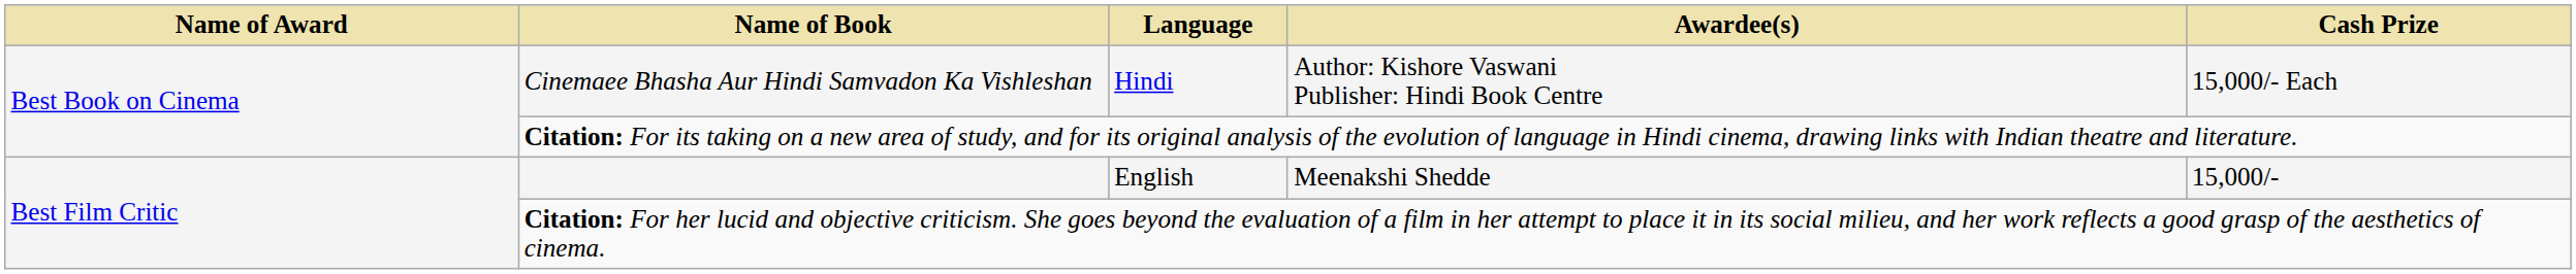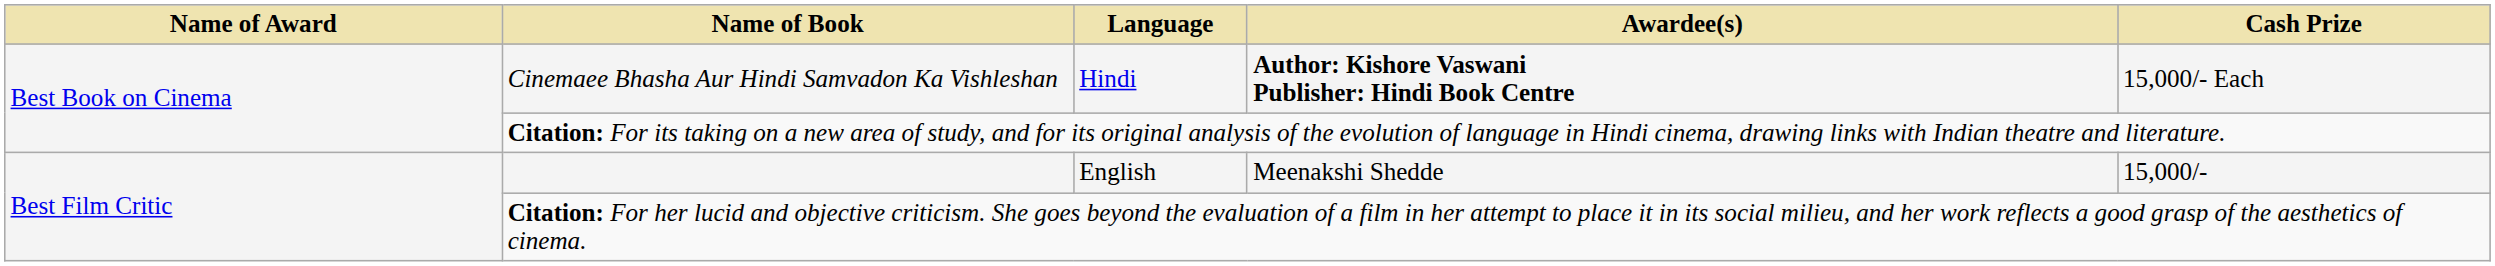 <table class="wikitable" style="width:100%;">
 <tr style="background-color:#F4F4F4">
 <th style="background-color:#EFE4B0;width:20%;">Name of Award</th>
 <th style="background-color:#EFE4B0;width:23%;">Name of Book</th>
 <th style="background-color:#EFE4B0;width:7%;">Language</th>
 <th style="background-color:#EFE4B0;width:35%;">Awardee(s)</th>
 <th style="background-color:#EFE4B0;width:15%;">Cash Prize</th>
 </tr>
 <tr style="background-color:#F4F4F4">
 <td rowspan="2"><a href='#'>Best Book on Cinema</a></td>
 <td><em>Cinemaee Bhasha Aur Hindi Samvadon Ka Vishleshan</em></td>
 <td><a href='#'>Hindi</a></td>
-<td>Author: Kishore Vaswani<br>Publisher: Hindi Book Centre</td>
+<td><strong>Author: Kishore Vaswani<br>Publisher: Hindi Book Centre</strong></td>
 <td> 15,000/- Each</td>
 </tr>
 <tr style="background-color:#F9F9F9">
 <td colspan="4"><strong>Citation:</strong> <em>For its taking on a new area of study, and for its original analysis of the evolution of language in Hindi cinema, drawing links with Indian theatre and literature.</em></td>
 </tr>
 <tr style="background-color:#F4F4F4">
 <td rowspan="2"><a href='#'>Best Film Critic</a></td>
 <td></td>
 <td>English</td>
 <td>Meenakshi Shedde</td>
 <td> 15,000/-</td>
 </tr>
 <tr style="background-color:#F9F9F9">
 <td colspan="4"><strong>Citation:</strong> <em>For her lucid and objective criticism. She goes beyond the evaluation of a film in her attempt to place it in its social milieu, and her work reflects a good grasp of the aesthetics of cinema.</em></td>
 </tr>
 </table>
